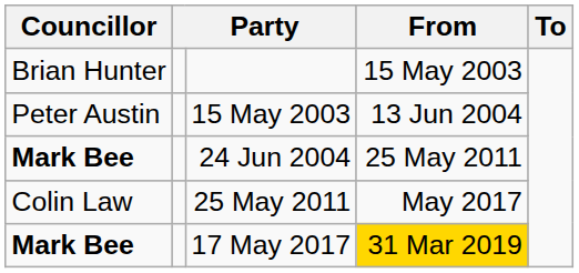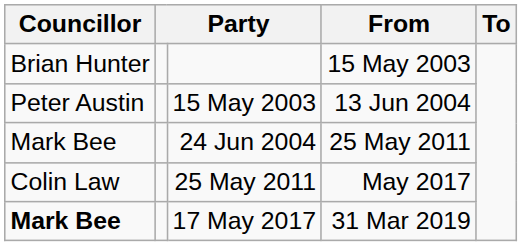 <table class=wikitable>
 <tr>
 <th>Councillor</th>
 <th colspan=2>Party</th>
 <th>From</th>
 <th>To</th>
 </tr>
 <tr>
 <td>Brian Hunter</td>
 <td></td>
 <td></td>
 <td align=right>15 May 2003</td>
 </tr>
 <tr>
 <td>Peter Austin</td>
 <td></td>
 <td align=right>15 May 2003</td>
 <td align=right>13 Jun 2004</td>
 </tr>
 <tr>
-<td><strong>Mark Bee</strong></td>
+<td>Mark Bee</td>
 <td></td>
 <td align=right>24 Jun 2004</td>
 <td align=right>25 May 2011</td>
 </tr>
 <tr>
 <td>Colin Law</td>
 <td></td>
 <td align=right>25 May 2011</td>
 <td align=right>May 2017</td>
 </tr>
 <tr>
 <td><strong>Mark Bee</strong></td>
 <td></td>
 <td align=right>17 May 2017</td>
-<td align=right style="background: gold;">31 Mar 2019</td>
+<td align=right>31 Mar 2019</td>
 </tr>
 </table>
